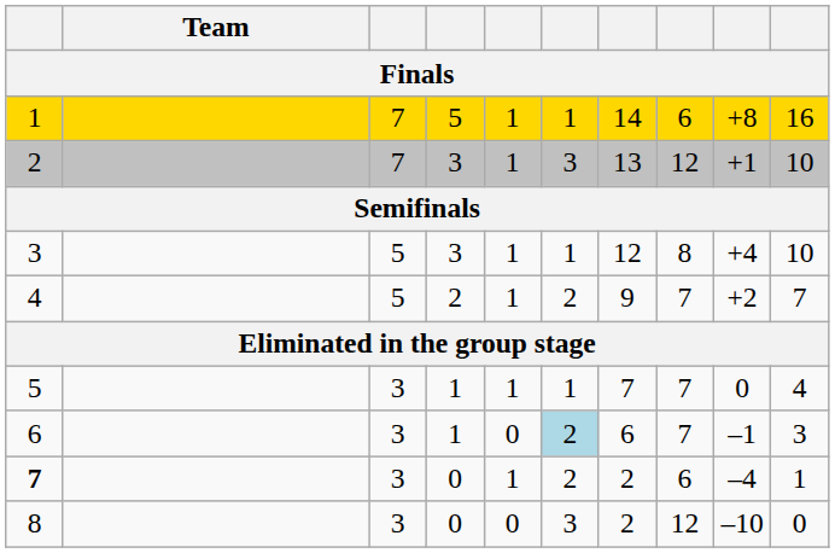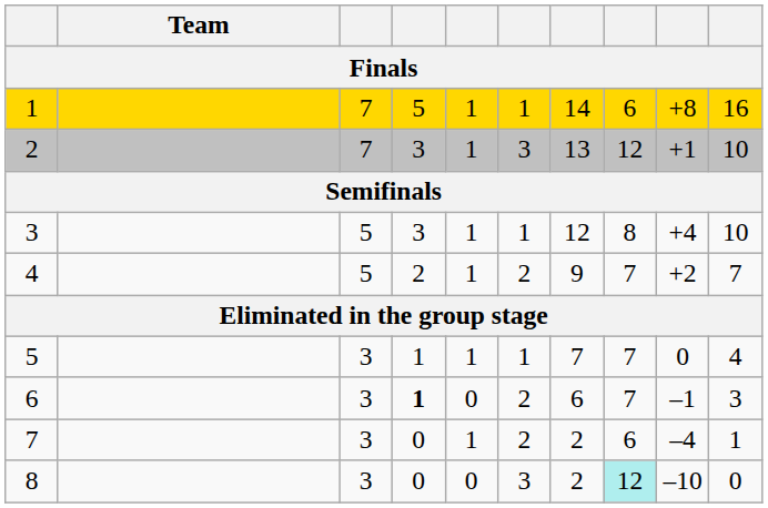 <table class="wikitable" style="text-align:center;">
 <tr>
 <th width="25"></th>
 <th width="165">Team</th>
 <th width="25"></th>
 <th width="25"></th>
 <th width="25"></th>
 <th width="25"></th>
 <th width="25"></th>
 <th width="25"></th>
 <th width="25"></th>
 <th width="25"></th>
 </tr>
 <tr>
 <th colspan=10>Finals</th>
 </tr>
 <tr style="background:gold;">
 <td>1</td>
 <td align=left></td>
 <td>7</td>
 <td>5</td>
 <td>1</td>
 <td>1</td>
 <td>14</td>
 <td>6</td>
 <td>+8</td>
 <td>16</td>
 </tr>
 <tr style="background:silver;">
 <td>2</td>
 <td align=left></td>
 <td>7</td>
 <td>3</td>
 <td>1</td>
 <td>3</td>
 <td>13</td>
 <td>12</td>
 <td>+1</td>
 <td>10</td>
 </tr>
 <tr>
 <th colspan=10>Semifinals</th>
 </tr>
 <tr style=>
 <td>3</td>
 <td align=left></td>
 <td>5</td>
 <td>3</td>
 <td>1</td>
 <td>1</td>
 <td>12</td>
 <td>8</td>
 <td>+4</td>
 <td>10</td>
 </tr>
 <tr style=>
 <td>4</td>
 <td align=left></td>
 <td>5</td>
 <td>2</td>
 <td>1</td>
 <td>2</td>
 <td>9</td>
 <td>7</td>
 <td>+2</td>
 <td>7</td>
 </tr>
 <tr>
 <th colspan=10>Eliminated in the group stage</th>
 </tr>
 <tr>
 <td>5</td>
 <td align=left></td>
 <td>3</td>
 <td>1</td>
 <td>1</td>
 <td>1</td>
 <td>7</td>
 <td>7</td>
 <td>0</td>
 <td>4</td>
 </tr>
 <tr>
 <td>6</td>
 <td align=left></td>
 <td>3</td>
-<td>1</td>
+<td><strong>1</strong></td>
 <td>0</td>
-<td style="background: lightblue;">2</td>
+<td>2</td>
 <td>6</td>
 <td>7</td>
 <td>–1</td>
 <td>3</td>
 </tr>
 <tr>
-<td><strong>7</strong></td>
+<td>7</td>
 <td align=left></td>
 <td>3</td>
 <td>0</td>
 <td>1</td>
 <td>2</td>
 <td>2</td>
 <td>6</td>
 <td>–4</td>
 <td>1</td>
 </tr>
 <tr>
 <td>8</td>
 <td align=left></td>
 <td>3</td>
 <td>0</td>
 <td>0</td>
 <td>3</td>
 <td>2</td>
-<td>12</td>
+<td style="background: paleturquoise;">12</td>
 <td>–10</td>
 <td>0</td>
 </tr>
 </table>
